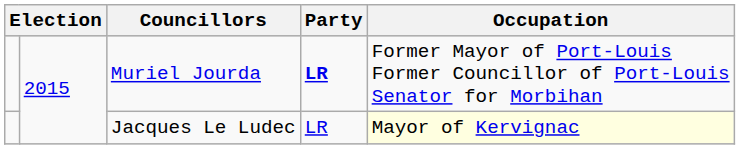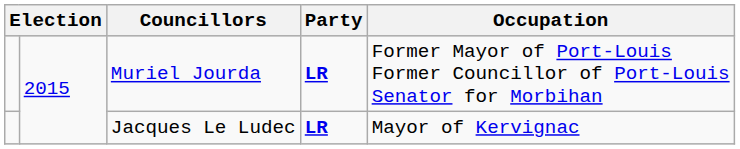 <table class="wikitable">
 <tr>
 <th colspan="2">Election</th>
 <th>Councillors</th>
 <th>Party</th>
 <th>Occupation</th>
 </tr>
 <tr>
 <td style="background-color: "></td>
 <td rowspan=2><a href='#'>2015</a></td>
 <td><a href='#'>Muriel Jourda</a></td>
 <td><strong><a href='#'>LR</a></strong></td>
 <td>Former Mayor of <a href='#'>Port-Louis</a><br>Former Councillor of <a href='#'>Port-Louis</a><br><a href='#'>Senator</a> for <a href='#'>Morbihan</a></td>
 </tr>
 <tr>
 <td style="background-color: "></td>
 <td>Jacques Le Ludec</td>
-<td><a href='#'>LR</a></td>
-<td style="background: lightyellow;">Mayor of <a href='#'>Kervignac</a></td>
+<td><strong><a href='#'>LR</a></strong></td>
+<td>Mayor of <a href='#'>Kervignac</a></td>
 </tr>
 </table>
